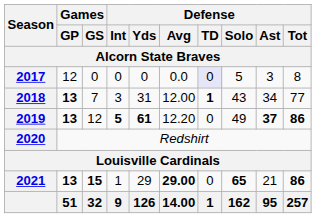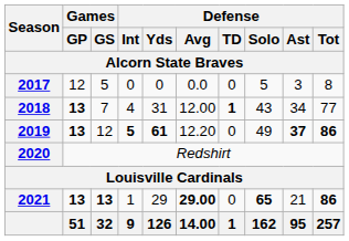 <table class="wikitable" style="text-align:center;">
 <tr>
 <th rowspan="2">Season</th>
 <th colspan="2">Games</th>
 <th colspan="7">Defense</th>
 </tr>
 <tr>
 <th>GP</th>
 <th>GS</th>
 <th>Int</th>
 <th>Yds</th>
 <th>Avg</th>
 <th>TD</th>
 <th>Solo</th>
 <th>Ast</th>
 <th>Tot</th>
 </tr>
 <tr>
 <th colspan="15">Alcorn State Braves</th>
 </tr>
 <tr>
 <th><a href='#'>2017</a></th>
 <td>12</td>
-<td>0</td>
+<td>5</td>
 <td>0</td>
 <td>0</td>
 <td>0.0</td>
-<td style="background: lavender;">0</td>
+<td>0</td>
 <td>5</td>
 <td>3</td>
 <td>8</td>
 </tr>
 <tr>
 <th><a href='#'>2018</a></th>
 <td><strong>13</strong></td>
 <td>7</td>
-<td>3</td>
+<td>4</td>
 <td>31</td>
 <td>12.00</td>
 <td><strong>1</strong></td>
 <td>43</td>
 <td>34</td>
 <td>77</td>
 </tr>
 <tr>
 <th><a href='#'>2019</a></th>
 <td><strong>13</strong></td>
 <td>12</td>
 <td><strong>5</strong></td>
 <td><strong>61</strong></td>
 <td>12.20</td>
 <td>0</td>
 <td>49</td>
 <td><strong>37</strong></td>
 <td><strong>86</strong></td>
 </tr>
 <tr>
 <th><a href='#'>2020</a></th>
 <td colspan="15"><em>Redshirt </em></td>
 </tr>
 <tr>
 <th colspan="15">Louisville Cardinals</th>
 </tr>
 <tr>
 <th><a href='#'>2021</a></th>
 <td><strong>13</strong></td>
-<td><strong>15</strong></td>
+<td><strong>13</strong></td>
 <td>1</td>
 <td>29</td>
 <td><strong>29.00</strong></td>
 <td>0</td>
 <td><strong>65</strong></td>
 <td>21</td>
 <td><strong>86</strong></td>
 </tr>
 <tr>
 <th></th>
 <th>51</th>
 <th>32</th>
 <th>9</th>
 <th>126</th>
 <th>14.00</th>
 <th>1</th>
 <th>162</th>
 <th>95</th>
 <th>257</th>
 </tr>
 </table>
